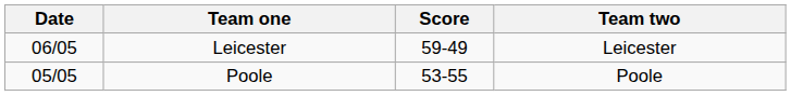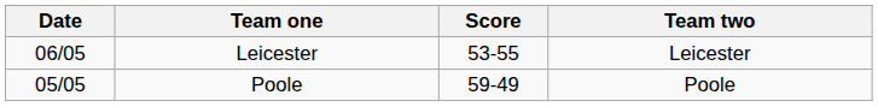 <table class="wikitable" style="text-align: center">
 <tr>
 <th width=80>Date</th>
 <th width=250>Team one</th>
 <th width=80>Score</th>
 <th width=250>Team two</th>
 </tr>
 <tr>
 <td>06/05</td>
 <td>Leicester</td>
-<td>59-49</td>
+<td>53-55</td>
 <td>Leicester</td>
 </tr>
 <tr>
 <td>05/05</td>
 <td>Poole</td>
-<td>53-55</td>
+<td>59-49</td>
 <td>Poole</td>
 </tr>
 </table>
